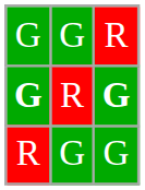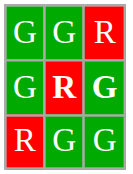 <table class=wikitable style="font-size:90%;text-align:center;">
 <tr>
 <td style="background:#0a0;color:#fff;">G</td>
 <td style="background:#0a0;color:#fff;">G</td>
 <td style="background:#f00;color:#fff;">R</td>
 </tr>
 <tr>
-<td style="background:#0a0;color:#fff;"><strong>G</strong></td>
-<td style="background:#f00;color:#fff;">R</td>
+<td style="background:#0a0;color:#fff;">G</td>
+<td style="background:#f00;color:#fff;"><strong>R</strong></td>
 <td style="background:#0a0;color:#fff;"><strong>G</strong></td>
 </tr>
 <tr>
 <td style="background:#f00;color:#fff;">R</td>
 <td style="background:#0a0;color:#fff;">G</td>
 <td style="background:#0a0;color:#fff;">G</td>
 </tr>
 </table>
